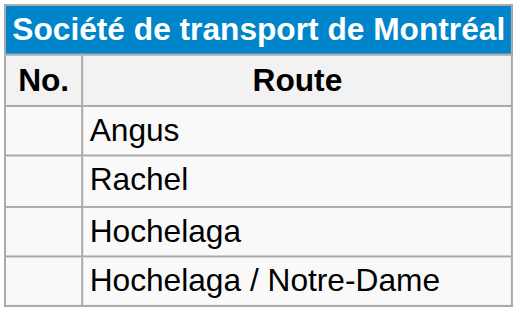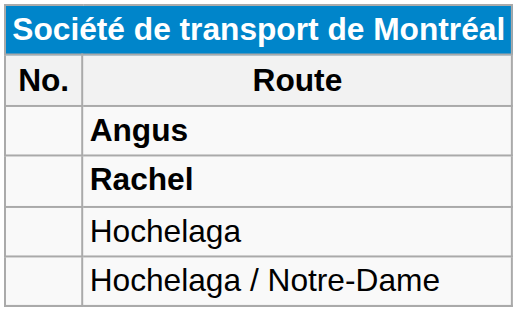 <table align=center class="wikitable">
 <tr>
 <th style="background: #0085CA; font-size:100%; color:#FFFFFF;"colspan="4">Société de transport de Montréal</th>
 </tr>
 <tr>
 <th>No.</th>
 <th>Route</th>
 </tr>
 <tr>
 <td></td>
-<td>Angus</td>
+<td><strong>Angus</strong></td>
 </tr>
 <tr>
 <td></td>
-<td>Rachel</td>
+<td><strong>Rachel</strong></td>
 </tr>
 <tr>
 <td></td>
 <td>Hochelaga</td>
 </tr>
 <tr>
 <td {{Avoid wrap> </td>
 <td>Hochelaga / Notre-Dame</td>
 </tr>
 <tr>
 </tr>
 </table>
